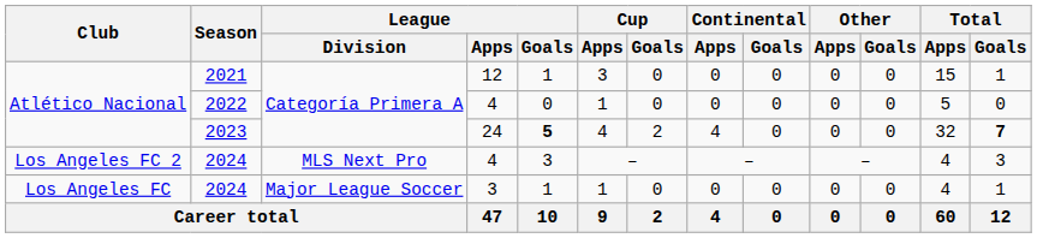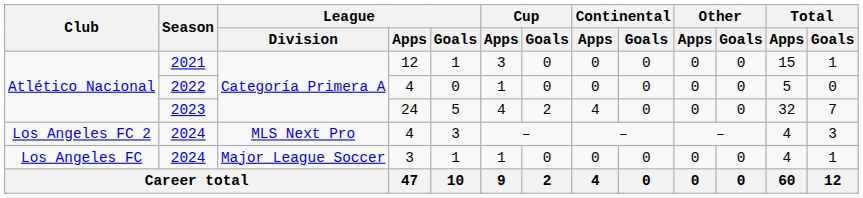 <table class=wikitable style=text-align:center>
 <tr>
 <th rowspan="2">Club</th>
 <th rowspan="2">Season</th>
 <th colspan="3">League</th>
 <th colspan="2">Cup</th>
 <th colspan="2">Continental</th>
 <th colspan="2">Other</th>
 <th colspan="2">Total</th>
 </tr>
 <tr>
 <th>Division</th>
 <th>Apps</th>
 <th>Goals</th>
 <th>Apps</th>
 <th>Goals</th>
 <th>Apps</th>
 <th>Goals</th>
 <th>Apps</th>
 <th>Goals</th>
 <th>Apps</th>
 <th>Goals</th>
 </tr>
 <tr>
 <td rowspan="3"><a href='#'>Atlético Nacional</a></td>
 <td><a href='#'>2021</a></td>
 <td rowspan="3"><a href='#'>Categoría Primera A</a></td>
 <td>12</td>
 <td>1</td>
 <td>3</td>
 <td>0</td>
 <td>0</td>
 <td>0</td>
 <td>0</td>
 <td>0</td>
 <td>15</td>
 <td>1</td>
 </tr>
 <tr>
 <td><a href='#'>2022</a></td>
 <td>4</td>
 <td>0</td>
 <td>1</td>
 <td>0</td>
 <td>0</td>
 <td>0</td>
 <td>0</td>
 <td>0</td>
 <td>5</td>
 <td>0</td>
 </tr>
 <tr>
 <td><a href='#'>2023</a></td>
 <td>24</td>
-<td><strong>5</strong></td>
+<td>5</td>
 <td>4</td>
 <td>2</td>
 <td>4</td>
 <td>0</td>
 <td>0</td>
 <td>0</td>
 <td>32</td>
-<td><strong>7</strong></td>
+<td>7</td>
 </tr>
 <tr>
 <td><a href='#'>Los Angeles FC 2</a></td>
 <td><a href='#'>2024</a></td>
 <td><a href='#'>MLS Next Pro</a></td>
 <td>4</td>
 <td>3</td>
 <td colspan="2">–</td>
 <td colspan="2">–</td>
 <td colspan="2">–</td>
 <td>4</td>
 <td>3</td>
 </tr>
 <tr>
 <td><a href='#'>Los Angeles FC</a></td>
 <td><a href='#'>2024</a></td>
 <td><a href='#'>Major League Soccer</a></td>
 <td>3</td>
 <td>1</td>
 <td>1</td>
 <td>0</td>
 <td>0</td>
 <td>0</td>
 <td>0</td>
 <td>0</td>
 <td>4</td>
 <td>1</td>
 </tr>
 <tr>
 <th colspan="3"><strong>Career total</strong></th>
 <th>47</th>
 <th>10</th>
 <th>9</th>
 <th>2</th>
 <th>4</th>
 <th>0</th>
 <th>0</th>
 <th>0</th>
 <th>60</th>
 <th>12</th>
 </tr>
 </table>
